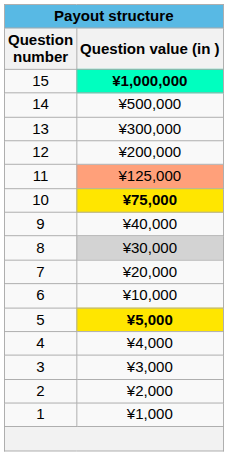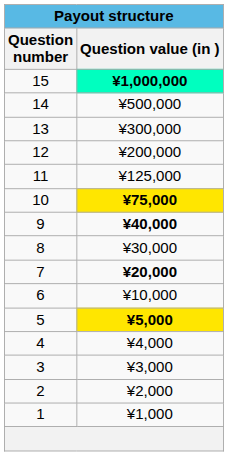 <table class="wikitable" style="text-align:center;">
 <tr>
 <th colspan="2" style="background: #58B9E4">Payout structure</th>
 </tr>
 <tr>
 <th>Question<br>number</th>
 <th>Question value (in )</th>
 </tr>
 <tr>
 <td>15</td>
 <td style="background: #00FFBF"><strong>¥1,000,000</strong></td>
 </tr>
 <tr>
 <td>14</td>
 <td>¥500,000</td>
 </tr>
 <tr>
 <td>13</td>
 <td>¥300,000</td>
 </tr>
 <tr>
 <td>12</td>
 <td>¥200,000</td>
 </tr>
 <tr>
 <td>11</td>
-<td style="background: lightsalmon;">¥125,000</td>
+<td>¥125,000</td>
 </tr>
 <tr>
 <td>10</td>
 <td style="background: #FFE600"><strong>¥75,000</strong></td>
 </tr>
 <tr>
 <td>9</td>
-<td>¥40,000</td>
+<td><strong>¥40,000</strong></td>
 </tr>
 <tr>
 <td>8</td>
-<td style="background: lightgrey;">¥30,000</td>
+<td>¥30,000</td>
 </tr>
 <tr>
 <td>7</td>
-<td>¥20,000</td>
+<td><strong>¥20,000</strong></td>
 </tr>
 <tr>
 <td>6</td>
 <td>¥10,000</td>
 </tr>
 <tr>
 <td>5</td>
 <td style="background: #FFE600"><strong>¥5,000</strong></td>
 </tr>
 <tr>
 <td>4</td>
 <td>¥4,000</td>
 </tr>
 <tr>
 <td>3</td>
 <td>¥3,000</td>
 </tr>
 <tr>
 <td>2</td>
 <td>¥2,000</td>
 </tr>
 <tr>
 <td>1</td>
 <td>¥1,000</td>
 </tr>
 <tr>
 <th colspan="2" style="text-align:left"><br></th>
 </tr>
 </table>
